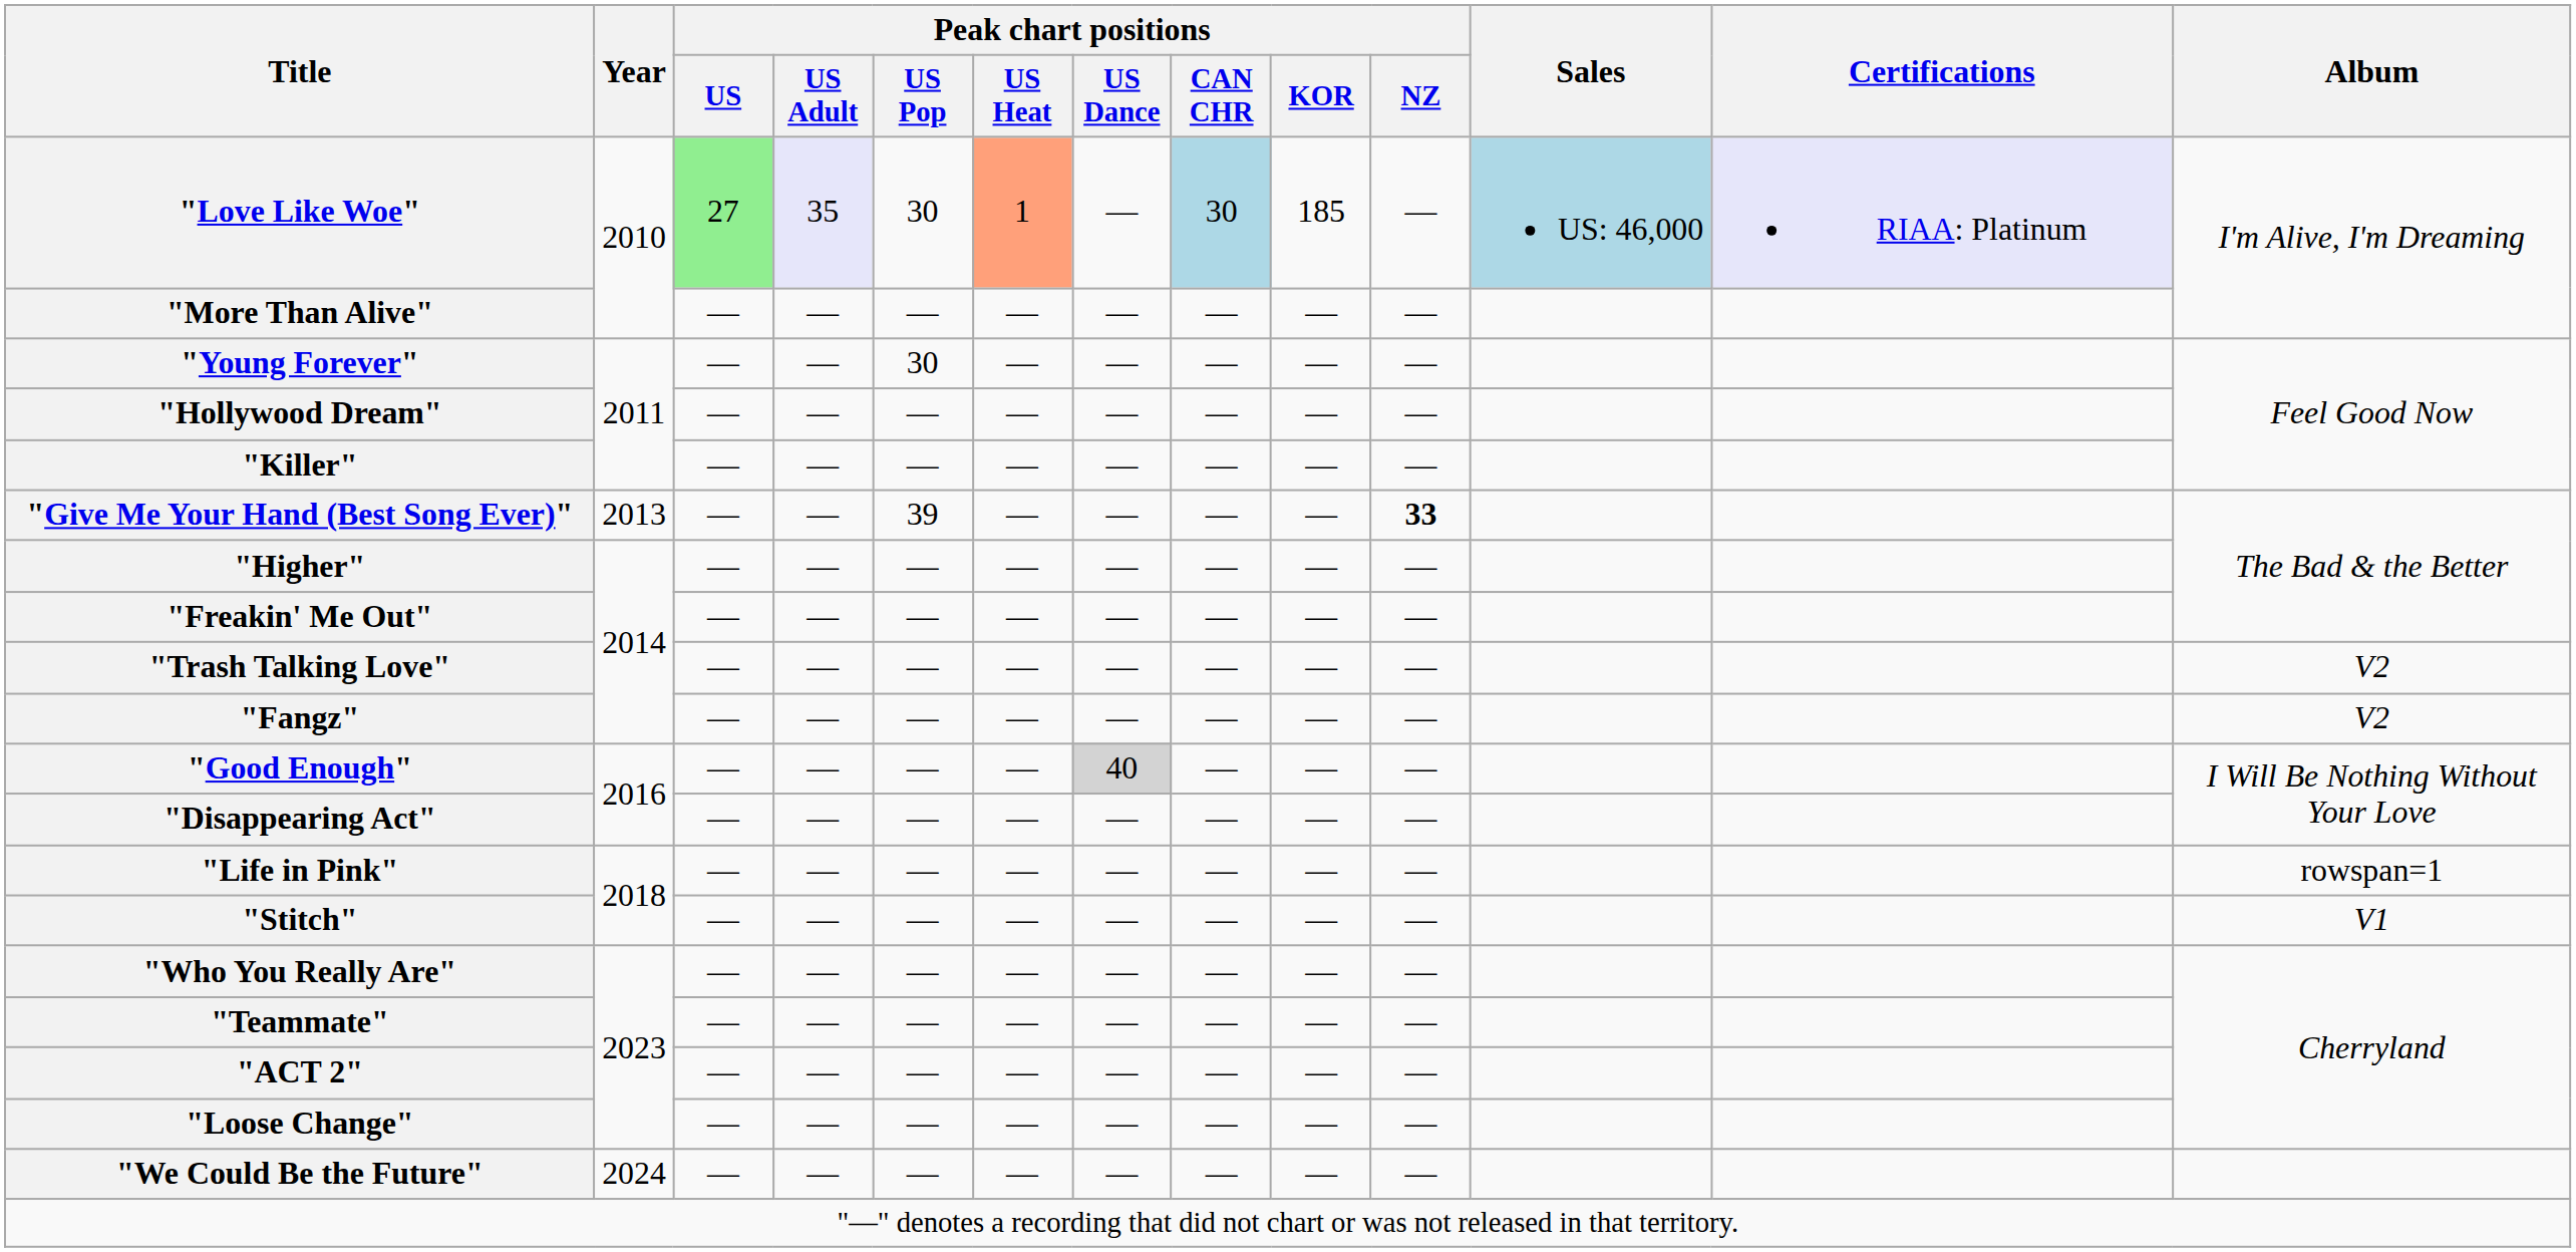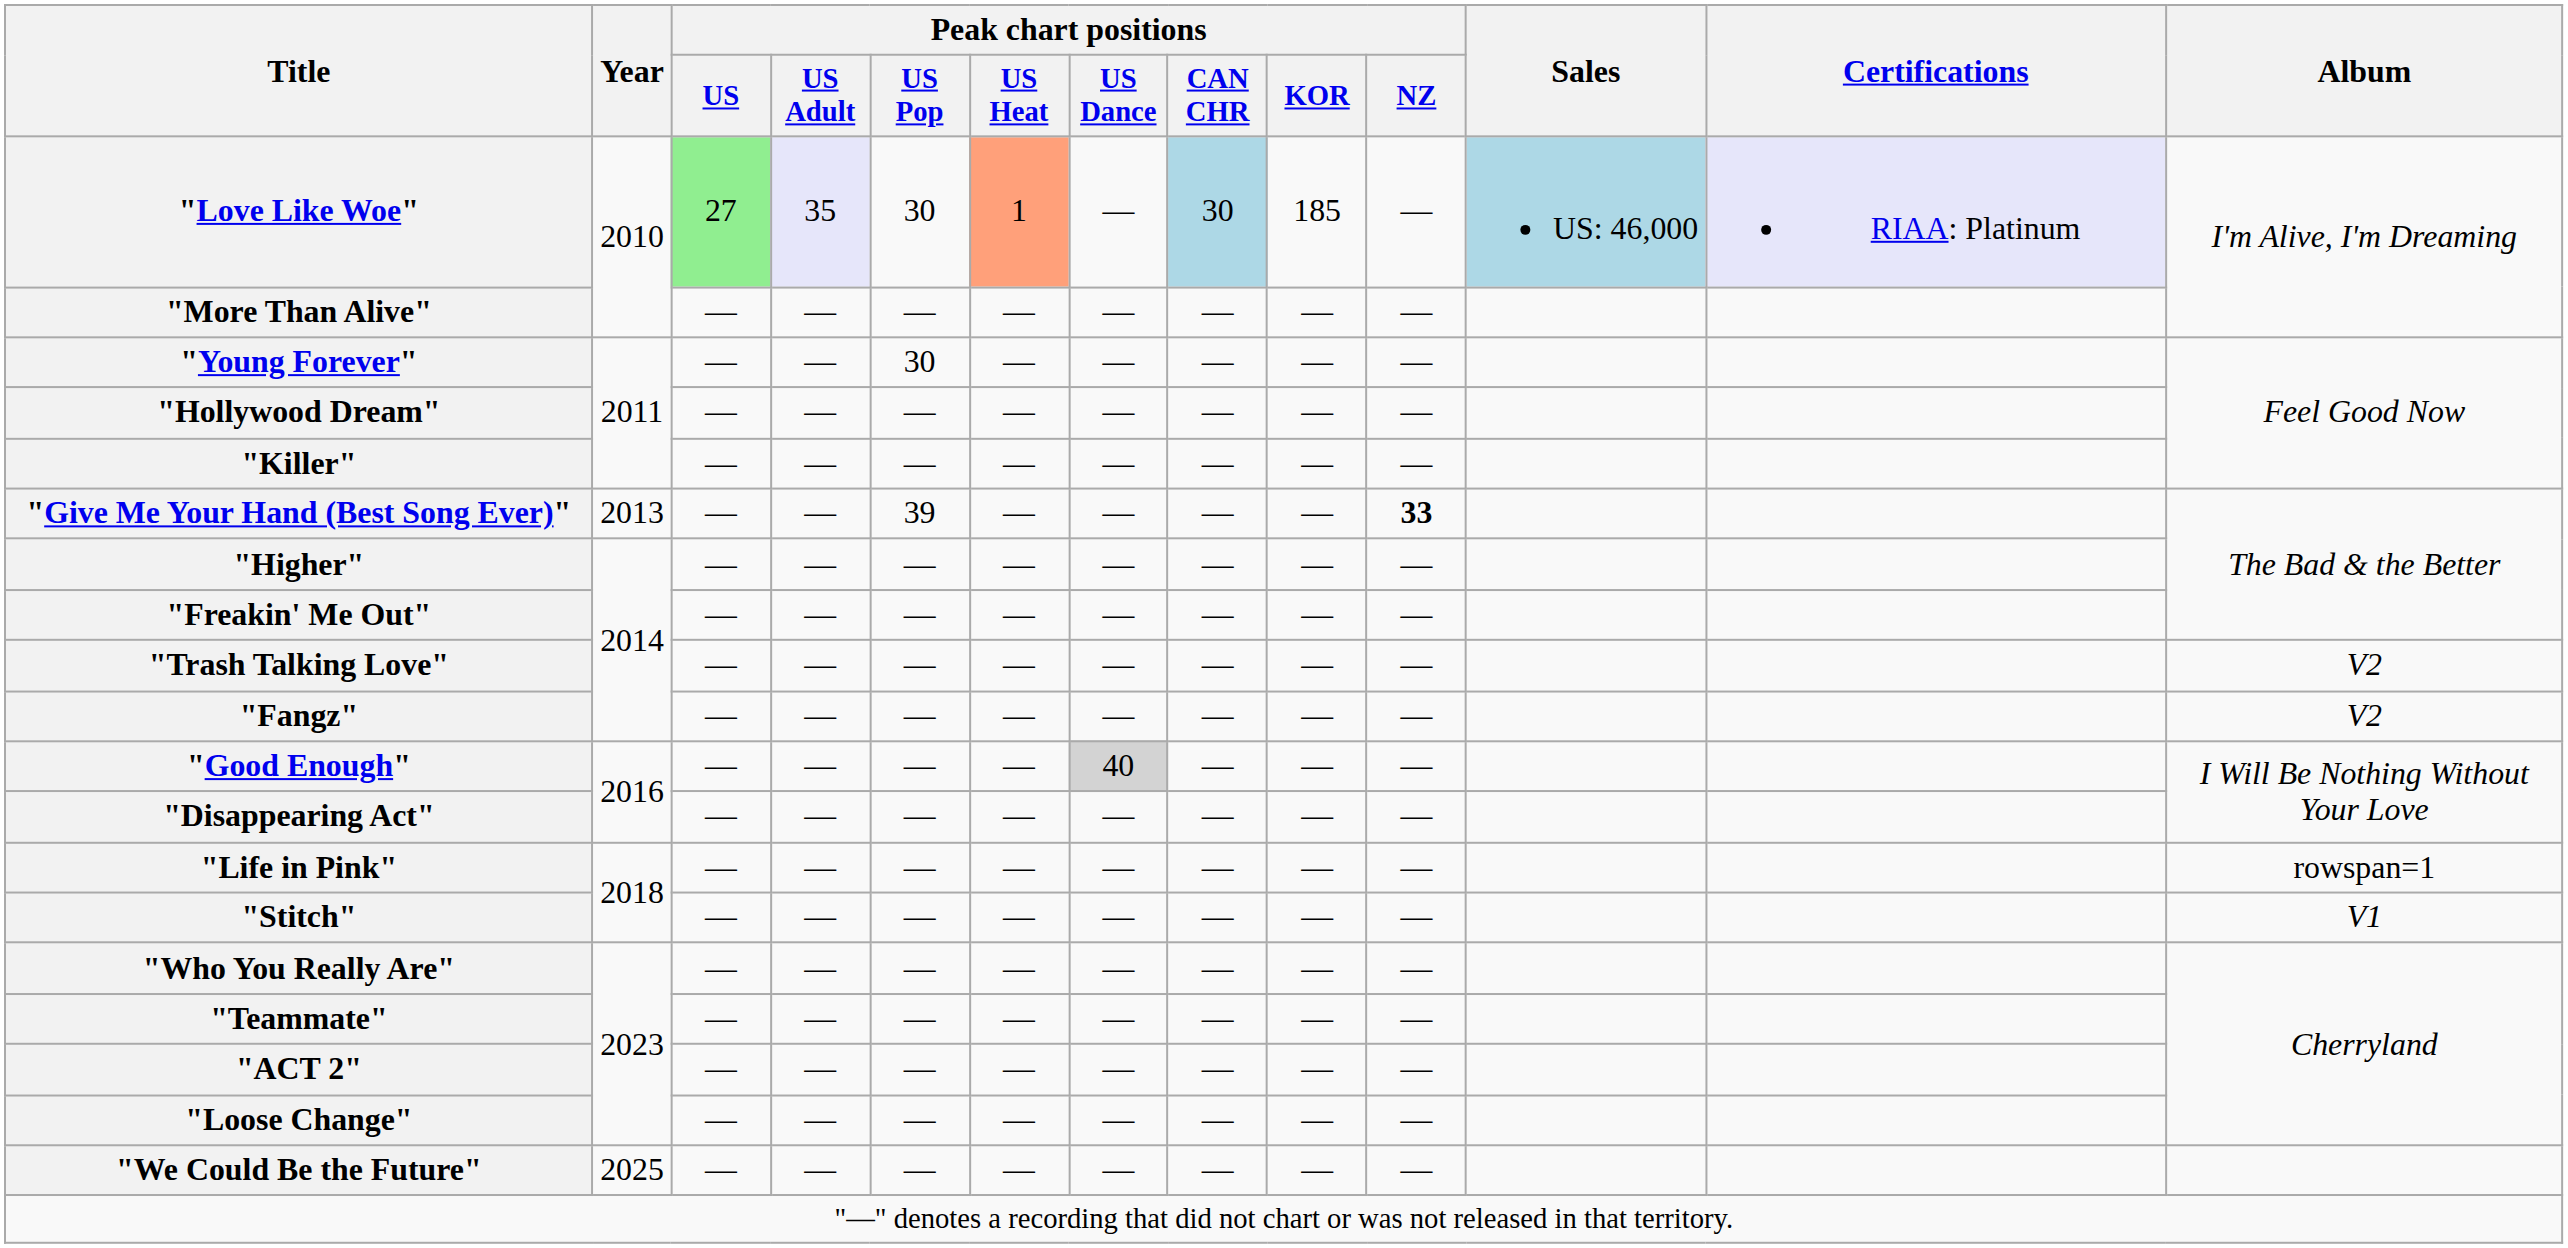 <table class="wikitable plainrowheaders" style="text-align:center;" border="1">
 <tr>
 <th scope="col" rowspan="2" style="width:18em;">Title</th>
 <th scope="col" rowspan="2">Year</th>
 <th scope="col" colspan="8">Peak chart positions</th>
 <th scope="col" rowspan="2">Sales</th>
 <th scope="col" rowspan="2" style="width:14em;"><a href='#'>Certifications</a></th>
 <th scope="col" rowspan="2" style="width:12em;">Album</th>
 </tr>
 <tr>
 <th scope="col" style="width:3em;font-size:90%;"><a href='#'>US</a><br></th>
 <th scope="col" style="width:3em;font-size:90%;"><a href='#'>US<br>Adult</a><br></th>
 <th scope="col" style="width:3em;font-size:90%;"><a href='#'>US<br>Pop</a><br></th>
 <th scope="col" style="width:3em;font-size:90%;"><a href='#'>US<br>Heat</a><br></th>
 <th scope="col" style="width:3em;font-size:90%;"><a href='#'>US<br>Dance</a><br></th>
 <th scope="col" style="width:3em;font-size:90%;"><a href='#'>CAN<br>CHR</a><br></th>
 <th scope="col" style="width:3em;font-size:90%;"><a href='#'>KOR</a><br></th>
 <th scope="col" style="width:3em;font-size:90%;"><a href='#'>NZ</a><br></th>
 </tr>
 <tr>
 <th scope="row">"<a href='#'>Love Like Woe</a>"</th>
 <td rowspan="2">2010</td>
 <td style="background: lightgreen;">27</td>
 <td style="background: lavender;">35</td>
 <td>30</td>
 <td style="background: lightsalmon;">1</td>
 <td>—</td>
 <td style="background: lightblue;">30</td>
 <td>185</td>
 <td>—</td>
 <td style="background: lightblue;"><br><ul><li>US: 46,000</li></ul></td>
 <td style="background: lavender;"><br><ul><li><a href='#'>RIAA</a>: Platinum</li></ul></td>
 <td rowspan="2"><em>I'm Alive, I'm Dreaming</em></td>
 </tr>
 <tr>
 <th scope="row">"More Than Alive"</th>
 <td>—</td>
 <td>—</td>
 <td>—</td>
 <td>—</td>
 <td>—</td>
 <td>—</td>
 <td>—</td>
 <td>—</td>
 <td></td>
 <td></td>
 </tr>
 <tr>
 <th scope="row">"<a href='#'>Young Forever</a>"</th>
 <td rowspan="3">2011</td>
 <td>—</td>
 <td>—</td>
 <td>30</td>
 <td>—</td>
 <td>—</td>
 <td>—</td>
 <td>—</td>
 <td>—</td>
 <td></td>
 <td></td>
 <td rowspan="3"><em>Feel Good Now</em></td>
 </tr>
 <tr>
 <th scope="row">"Hollywood Dream"</th>
 <td>—</td>
 <td>—</td>
 <td>—</td>
 <td>—</td>
 <td>—</td>
 <td>—</td>
 <td>—</td>
 <td>—</td>
 <td></td>
 <td></td>
 </tr>
 <tr>
 <th scope="row">"Killer"</th>
 <td>—</td>
 <td>—</td>
 <td>—</td>
 <td>—</td>
 <td>—</td>
 <td>—</td>
 <td>—</td>
 <td>—</td>
 <td></td>
 <td></td>
 </tr>
 <tr>
 <th scope="row">"<a href='#'>Give Me Your Hand (Best Song Ever)</a>"</th>
 <td>2013</td>
 <td>—</td>
 <td>—</td>
 <td>39</td>
 <td>—</td>
 <td>—</td>
 <td>—</td>
 <td>—</td>
 <td><strong>33</strong></td>
 <td></td>
 <td></td>
 <td rowspan="3"><em>The Bad & the Better</em></td>
 </tr>
 <tr>
 <th scope="row">"Higher"</th>
 <td rowspan="4">2014</td>
 <td>—</td>
 <td>—</td>
 <td>—</td>
 <td>—</td>
 <td>—</td>
 <td>—</td>
 <td>—</td>
 <td>—</td>
 <td></td>
 <td></td>
 </tr>
 <tr>
 <th scope="row">"Freakin' Me Out"</th>
 <td>—</td>
 <td>—</td>
 <td>—</td>
 <td>—</td>
 <td>—</td>
 <td>—</td>
 <td>—</td>
 <td>—</td>
 <td></td>
 <td></td>
 </tr>
 <tr>
 <th scope="row">"Trash Talking Love"<br></th>
 <td>—</td>
 <td>—</td>
 <td>—</td>
 <td>—</td>
 <td>—</td>
 <td>—</td>
 <td>—</td>
 <td>—</td>
 <td></td>
 <td></td>
 <td><em>V2</em></td>
 </tr>
 <tr>
 <th scope="row">"Fangz"</th>
 <td>—</td>
 <td>—</td>
 <td>—</td>
 <td>—</td>
 <td>—</td>
 <td>—</td>
 <td>—</td>
 <td>—</td>
 <td></td>
 <td></td>
 <td><em>V2</em></td>
 </tr>
 <tr>
 <th scope="row">"<a href='#'>Good Enough</a>"<br></th>
 <td rowspan="2">2016</td>
 <td>—</td>
 <td>—</td>
 <td>—</td>
 <td>—</td>
 <td style="background: lightgrey;">40</td>
 <td>—</td>
 <td>—</td>
 <td>—</td>
 <td></td>
 <td></td>
 <td rowspan="2"><em>I Will Be Nothing Without Your Love</em></td>
 </tr>
 <tr>
 <th scope="row">"Disappearing Act"</th>
 <td>—</td>
 <td>—</td>
 <td>—</td>
 <td>—</td>
 <td>—</td>
 <td>—</td>
 <td>—</td>
 <td>—</td>
 <td></td>
 <td></td>
 </tr>
 <tr>
 <th scope="row">"Life in Pink"</th>
 <td rowspan="2">2018</td>
 <td>—</td>
 <td>—</td>
 <td>—</td>
 <td>—</td>
 <td>—</td>
 <td>—</td>
 <td>—</td>
 <td>—</td>
 <td></td>
 <td></td>
 <td>rowspan=1 </td>
 </tr>
 <tr>
 <th scope="row">"Stitch"</th>
 <td>—</td>
 <td>—</td>
 <td>—</td>
 <td>—</td>
 <td>—</td>
 <td>—</td>
 <td>—</td>
 <td>—</td>
 <td></td>
 <td></td>
 <td><em>V1</em></td>
 </tr>
 <tr>
 <th scope="row">"Who You Really Are"</th>
 <td rowspan="4">2023</td>
 <td>—</td>
 <td>—</td>
 <td>—</td>
 <td>—</td>
 <td>—</td>
 <td>—</td>
 <td>—</td>
 <td>—</td>
 <td></td>
 <td></td>
 <td rowspan="4"><em>Cherryland</em></td>
 </tr>
 <tr>
 <th scope="row">"Teammate"</th>
 <td>—</td>
 <td>—</td>
 <td>—</td>
 <td>—</td>
 <td>—</td>
 <td>—</td>
 <td>—</td>
 <td>—</td>
 <td></td>
 <td></td>
 </tr>
 <tr>
 <th scope="row">"ACT 2"</th>
 <td>—</td>
 <td>—</td>
 <td>—</td>
 <td>—</td>
 <td>—</td>
 <td>—</td>
 <td>—</td>
 <td>—</td>
 <td></td>
 <td></td>
 </tr>
 <tr>
 <th scope="row">"Loose Change"</th>
 <td>—</td>
 <td>—</td>
 <td>—</td>
 <td>—</td>
 <td>—</td>
 <td>—</td>
 <td>—</td>
 <td>—</td>
 <td></td>
 <td></td>
 </tr>
 <tr>
 <th scope="row">"We Could Be the Future"<br></th>
-<td>2024</td>
+<td>2025</td>
 <td>—</td>
 <td>—</td>
 <td>—</td>
 <td>—</td>
 <td>—</td>
 <td>—</td>
 <td>—</td>
 <td>—</td>
 <td></td>
 <td></td>
 <td></td>
 </tr>
 <tr>
 <td colspan="16" style="font-size:90%">"—" denotes a recording that did not chart or was not released in that territory.</td>
 </tr>
 </table>
